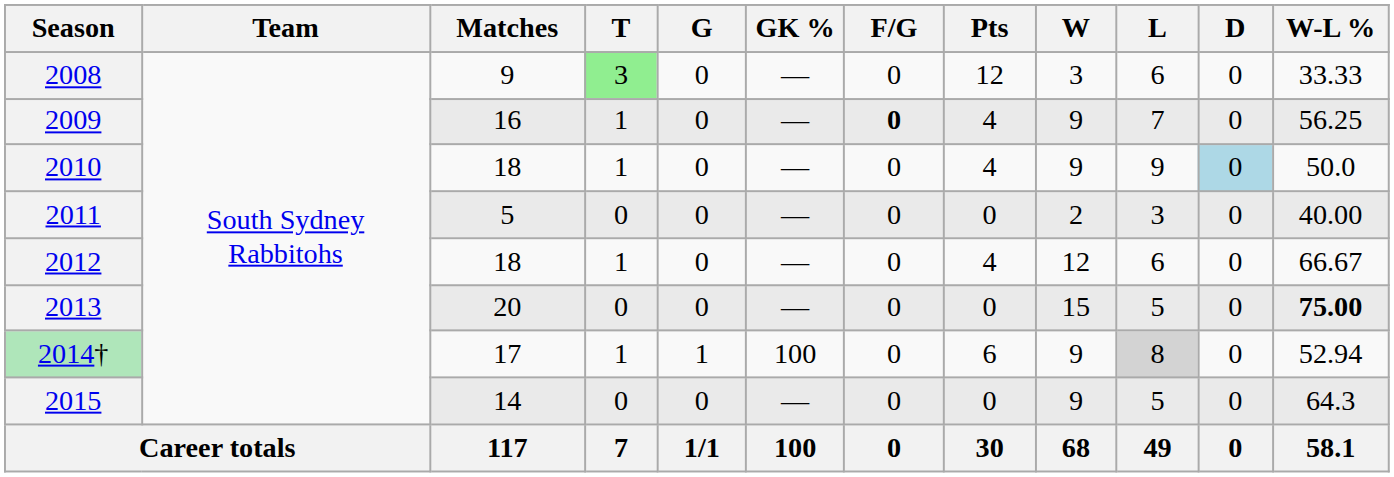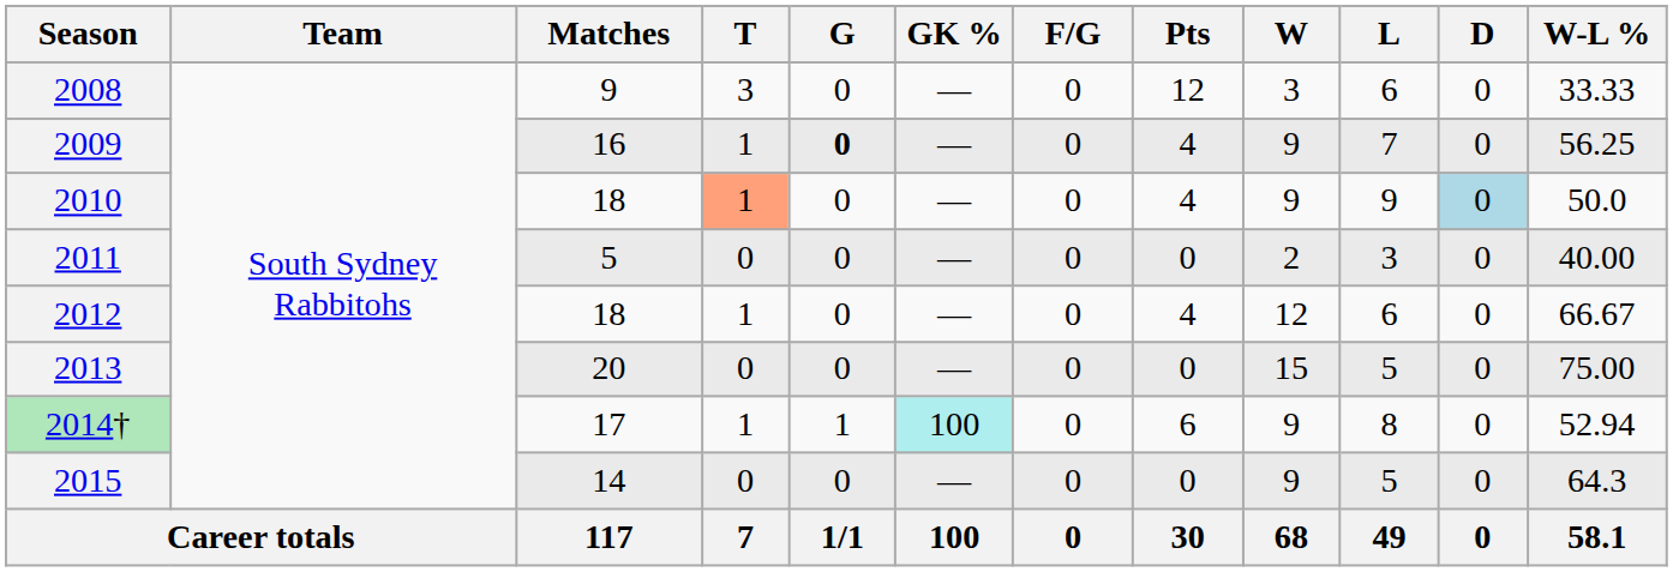 <table class="wikitable sortable"  style="font-size:90%; text-align:center; width:80%;">
 <tr>
 <th width=2%>Season</th>
 <th width=8%>Team</th>
 <th width=2%>Matches</th>
 <th width=2%>T</th>
 <th width=2%>G</th>
 <th width=2%>GK %</th>
 <th width=2%>F/G</th>
 <th width=2%>Pts</th>
 <th width=2%>W</th>
 <th width=2%>L</th>
 <th width=2%>D</th>
 <th width=2%>W-L %</th>
 </tr>
 <tr>
 <th scope="row" style="text-align:center; font-weight:normal"><a href='#'>2008</a></th>
 <td rowspan="8" style="text-align:center;"> <a href='#'>South Sydney Rabbitohs</a></td>
 <td>9</td>
-<td style="background: lightgreen;">3</td>
+<td>3</td>
 <td>0</td>
 <td>—</td>
 <td>0</td>
 <td>12</td>
 <td>3</td>
 <td>6</td>
 <td>0</td>
 <td>33.33</td>
 </tr>
 <tr style="background-color: #EAEAEA">
 <th scope="row" style="text-align:center; font-weight:normal"><a href='#'>2009</a></th>
 <td>16</td>
 <td>1</td>
+<td><strong>0</strong></td>
+<td>—</td>
 <td>0</td>
-<td>—</td>
-<td><strong>0</strong></td>
 <td>4</td>
 <td>9</td>
 <td>7</td>
 <td>0</td>
 <td>56.25</td>
 </tr>
 <tr>
 <th scope="row" style="text-align:center; font-weight:normal"><a href='#'>2010</a></th>
 <td>18</td>
-<td>1</td>
+<td style="background: lightsalmon;">1</td>
 <td>0</td>
 <td>—</td>
 <td>0</td>
 <td>4</td>
 <td>9</td>
 <td>9</td>
 <td style="background: lightblue;">0</td>
 <td>50.0</td>
 </tr>
 <tr style="background-color: #EAEAEA">
 <th scope="row" style="text-align:center; font-weight:normal"><a href='#'>2011</a></th>
 <td>5</td>
 <td>0</td>
 <td>0</td>
 <td>—</td>
 <td>0</td>
 <td>0</td>
 <td>2</td>
 <td>3</td>
 <td>0</td>
 <td>40.00</td>
 </tr>
 <tr>
 <th scope="row" style="text-align:center; font-weight:normal"><a href='#'>2012</a></th>
 <td>18</td>
 <td>1</td>
 <td>0</td>
 <td>—</td>
 <td>0</td>
 <td>4</td>
 <td>12</td>
 <td>6</td>
 <td>0</td>
 <td>66.67</td>
 </tr>
 <tr style="background-color: #EAEAEA">
 <th scope="row" style="text-align:center; font-weight:normal"><a href='#'>2013</a></th>
 <td>20</td>
 <td>0</td>
 <td>0</td>
 <td>—</td>
 <td>0</td>
 <td>0</td>
 <td>15</td>
 <td>5</td>
 <td>0</td>
-<td><strong>75.00</strong></td>
+<td>75.00</td>
 </tr>
 <tr>
 <th scope="row" style="text-align:center; background:#afe6ba; font-weight:normal"><a href='#'>2014</a>†</th>
 <td>17</td>
 <td>1</td>
 <td>1</td>
-<td>100</td>
+<td style="background: paleturquoise;">100</td>
 <td>0</td>
 <td>6</td>
 <td>9</td>
-<td style="background: lightgrey;">8</td>
+<td>8</td>
 <td>0</td>
 <td>52.94</td>
 </tr>
 <tr style="background-color: #EAEAEA">
 <th scope="row" style="text-align:center; font-weight:normal"><a href='#'>2015</a></th>
 <td>14</td>
 <td>0</td>
 <td>0</td>
 <td>—</td>
 <td>0</td>
 <td>0</td>
 <td>9</td>
 <td>5</td>
 <td>0</td>
 <td>64.3</td>
 </tr>
 <tr class="sortbottom">
 <th colspan=2>Career totals</th>
 <th>117</th>
 <th>7</th>
 <th>1/1</th>
 <th>100</th>
 <th>0</th>
 <th>30</th>
 <th>68</th>
 <th>49</th>
 <th>0</th>
 <th>58.1</th>
 </tr>
 </table>
